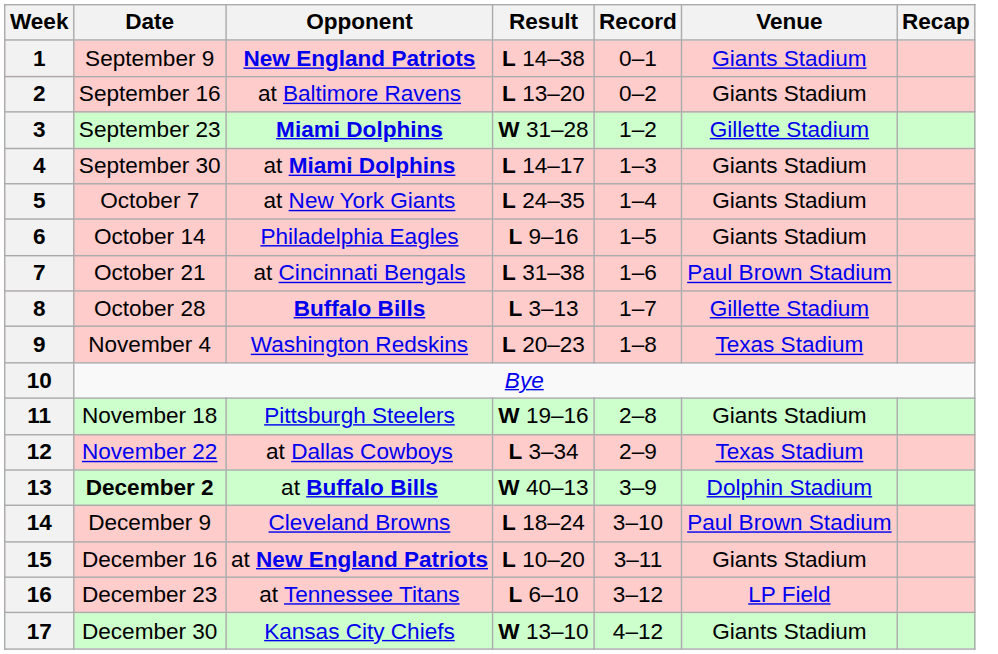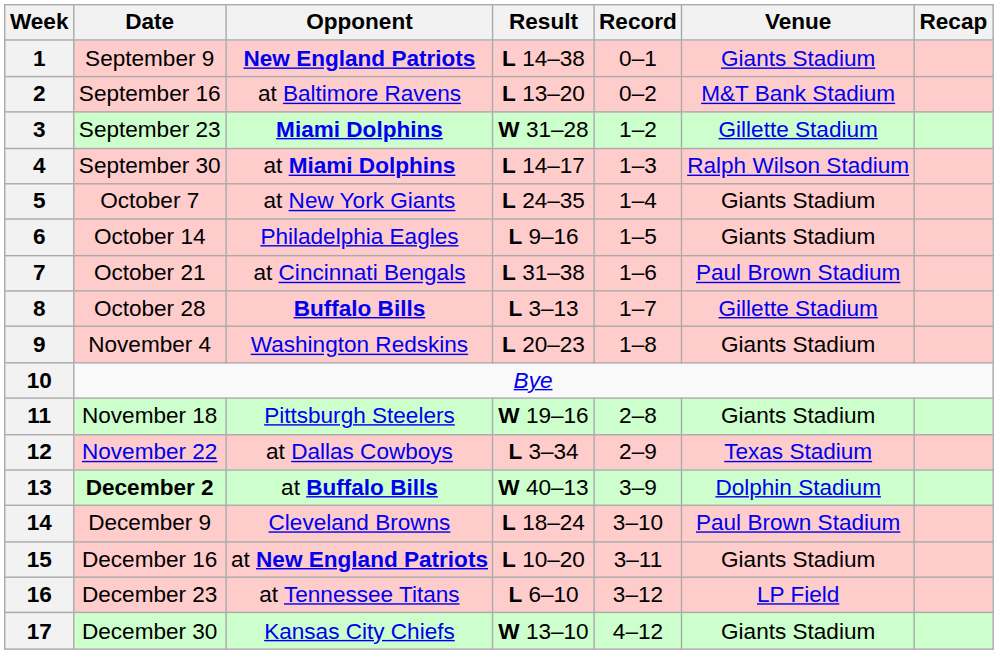 <table class="wikitable"style="text-align:center">
 <tr>
 <th>Week</th>
 <th>Date</th>
 <th>Opponent</th>
 <th>Result</th>
 <th>Record</th>
 <th>Venue</th>
 <th>Recap</th>
 </tr>
 <tr style="background:#fcc">
 <th>1</th>
 <td>September 9</td>
 <td><strong><a href='#'>New England Patriots</a></strong></td>
 <td><strong>L</strong> 14–38</td>
 <td>0–1</td>
 <td><a href='#'>Giants Stadium</a></td>
 <td></td>
 </tr>
 <tr style="background:#fcc">
 <th>2</th>
 <td>September 16</td>
 <td>at <a href='#'>Baltimore Ravens</a></td>
 <td><strong>L</strong> 13–20</td>
 <td>0–2</td>
-<td>Giants Stadium</td>
+<td><a href='#'>M&T Bank Stadium</a></td>
 <td></td>
 </tr>
 <tr style="background:#cfc">
 <th>3</th>
 <td>September 23</td>
 <td><strong><a href='#'>Miami Dolphins</a></strong></td>
 <td><strong>W</strong> 31–28</td>
 <td>1–2</td>
 <td><a href='#'>Gillette Stadium</a></td>
 <td></td>
 </tr>
 <tr style="background:#fcc">
 <th>4</th>
 <td>September 30</td>
 <td>at <strong><a href='#'>Miami Dolphins</a></strong></td>
 <td><strong>L</strong> 14–17</td>
 <td>1–3</td>
-<td>Giants Stadium</td>
+<td><a href='#'>Ralph Wilson Stadium</a></td>
 <td></td>
 </tr>
 <tr style="background:#fcc">
 <th>5</th>
 <td>October 7</td>
 <td>at <a href='#'>New York Giants</a></td>
 <td><strong>L</strong> 24–35</td>
 <td>1–4</td>
 <td>Giants Stadium</td>
 <td></td>
 </tr>
 <tr style="background:#fcc">
 <th>6</th>
 <td>October 14</td>
 <td><a href='#'>Philadelphia Eagles</a></td>
 <td><strong>L</strong> 9–16</td>
 <td>1–5</td>
 <td>Giants Stadium</td>
 <td></td>
 </tr>
 <tr style="background:#fcc">
 <th>7</th>
 <td>October 21</td>
 <td>at <a href='#'>Cincinnati Bengals</a></td>
 <td><strong>L</strong> 31–38</td>
 <td>1–6</td>
 <td><a href='#'>Paul Brown Stadium</a></td>
 <td></td>
 </tr>
 <tr style="background:#fcc">
 <th>8</th>
 <td>October 28</td>
 <td><strong><a href='#'>Buffalo Bills</a></strong></td>
 <td><strong>L</strong> 3–13</td>
 <td>1–7</td>
 <td><a href='#'>Gillette Stadium</a></td>
 <td></td>
 </tr>
 <tr style="background:#fcc">
 <th>9</th>
 <td>November 4</td>
 <td><a href='#'>Washington Redskins</a></td>
 <td><strong>L</strong> 20–23 </td>
 <td>1–8</td>
-<td><a href='#'>Texas Stadium</a></td>
+<td>Giants Stadium</td>
 <td></td>
 </tr>
 <tr>
 <th>10</th>
 <td colspan="6"><em><a href='#'>Bye</a></em></td>
 </tr>
 <tr style="background:#cfc">
 <th>11</th>
 <td>November 18</td>
 <td><a href='#'>Pittsburgh Steelers</a></td>
 <td><strong>W</strong> 19–16 </td>
 <td>2–8</td>
 <td>Giants Stadium</td>
 <td></td>
 </tr>
 <tr style="background:#fcc">
 <th>12</th>
 <td><a href='#'>November 22</a></td>
 <td>at <a href='#'>Dallas Cowboys</a></td>
 <td><strong>L</strong> 3–34</td>
 <td>2–9</td>
 <td><a href='#'>Texas Stadium</a></td>
 <td></td>
 </tr>
 <tr style="background:#cfc">
 <th>13</th>
 <td><strong>December 2</strong></td>
 <td>at <strong><a href='#'>Buffalo Bills</a></strong></td>
 <td><strong>W</strong> 40–13</td>
 <td>3–9</td>
 <td><a href='#'>Dolphin Stadium</a></td>
 <td></td>
 </tr>
 <tr style="background:#fcc">
 <th>14</th>
 <td>December 9</td>
 <td><a href='#'>Cleveland Browns</a></td>
 <td><strong>L</strong> 18–24</td>
 <td>3–10</td>
 <td><a href='#'>Paul Brown Stadium</a></td>
 <td></td>
 </tr>
 <tr style="background:#fcc">
 <th>15</th>
 <td>December 16</td>
 <td>at <strong><a href='#'>New England Patriots</a></strong></td>
 <td><strong>L</strong> 10–20</td>
 <td>3–11</td>
 <td>Giants Stadium</td>
 <td></td>
 </tr>
 <tr style="background:#fcc">
 <th>16</th>
 <td>December 23</td>
 <td>at <a href='#'>Tennessee Titans</a></td>
 <td><strong>L</strong> 6–10</td>
 <td>3–12</td>
 <td><a href='#'>LP Field</a></td>
 <td></td>
 </tr>
 <tr style="background:#cfc">
 <th>17</th>
 <td>December 30</td>
 <td><a href='#'>Kansas City Chiefs</a></td>
 <td><strong>W</strong> 13–10 </td>
 <td>4–12</td>
 <td>Giants Stadium</td>
 <td></td>
 </tr>
 </table>
